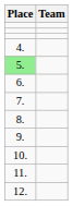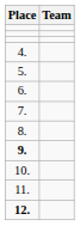 <table class="wikitable" style="text-align: center;">
 <tr>
 <th>Place</th>
 <th>Team</th>
 </tr>
 <tr>
 <td></td>
 <td style="text-align:left;"></td>
 </tr>
 <tr>
 <td></td>
 <td style="text-align:left;"></td>
 </tr>
 <tr>
 <td></td>
 <td style="text-align:left;"></td>
 </tr>
 <tr>
 <td>4.</td>
 <td style="text-align:left;"></td>
 </tr>
 <tr>
-<td style="background: lightgreen;">5.</td>
+<td>5.</td>
 <td style="text-align:left;"></td>
 </tr>
 <tr>
 <td>6.</td>
 <td style="text-align:left;"></td>
 </tr>
 <tr>
 <td>7.</td>
 <td style="text-align:left;"></td>
 </tr>
 <tr>
 <td>8.</td>
 <td style="text-align:left;"></td>
 </tr>
 <tr>
-<td>9.</td>
+<td><strong>9.</strong></td>
 <td style="text-align:left;"></td>
 </tr>
 <tr>
 <td>10.</td>
 <td style="text-align:left;"></td>
 </tr>
 <tr>
 <td>11.</td>
 <td style="text-align:left;"></td>
 </tr>
 <tr>
-<td>12.</td>
+<td><strong>12.</strong></td>
 <td style="text-align:left;"></td>
 </tr>
 </table>
